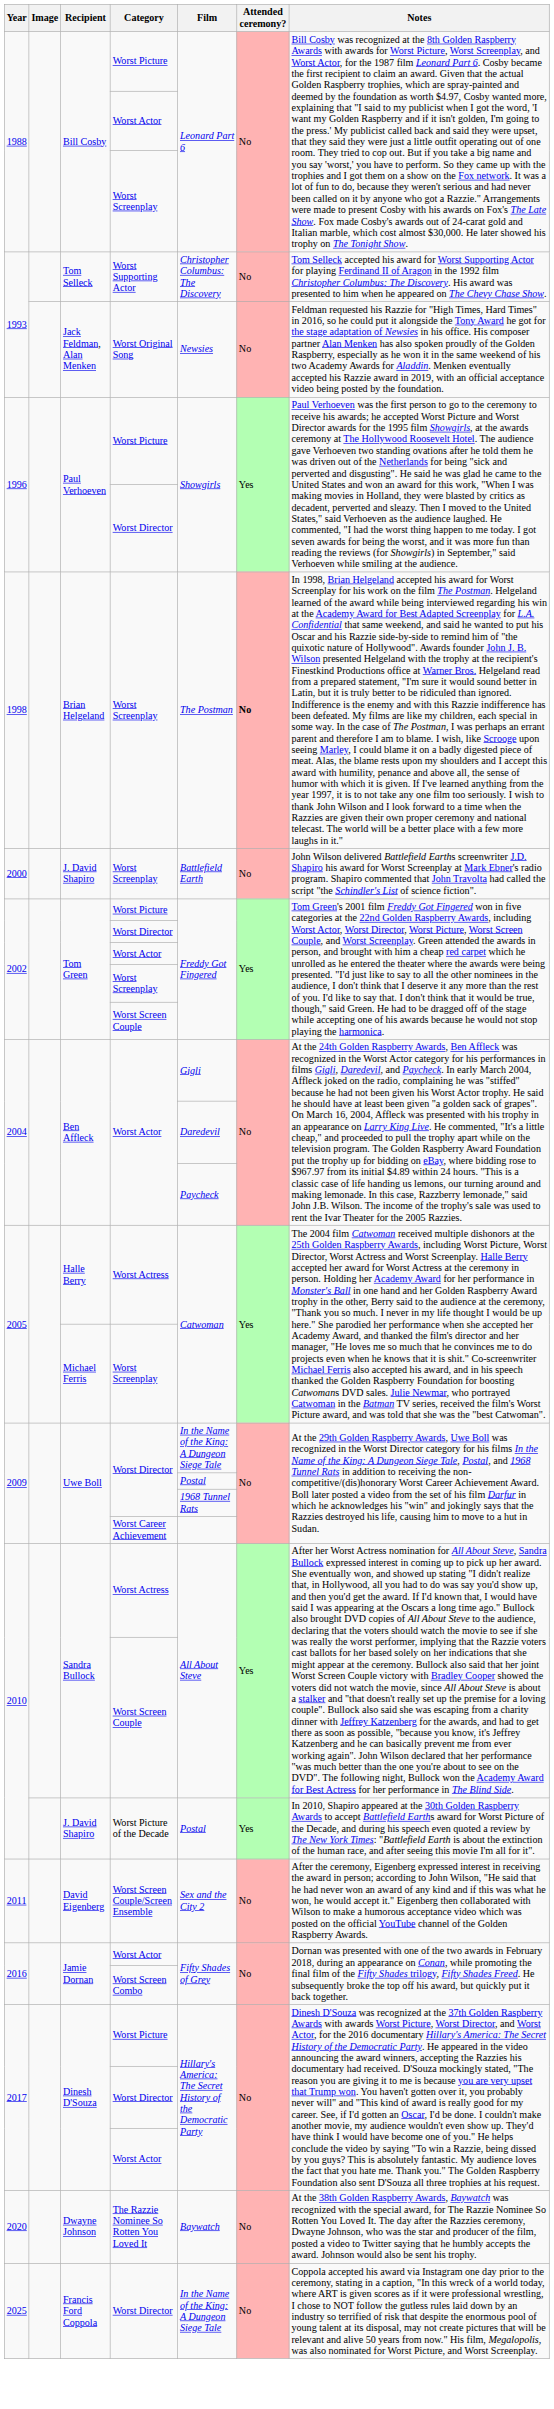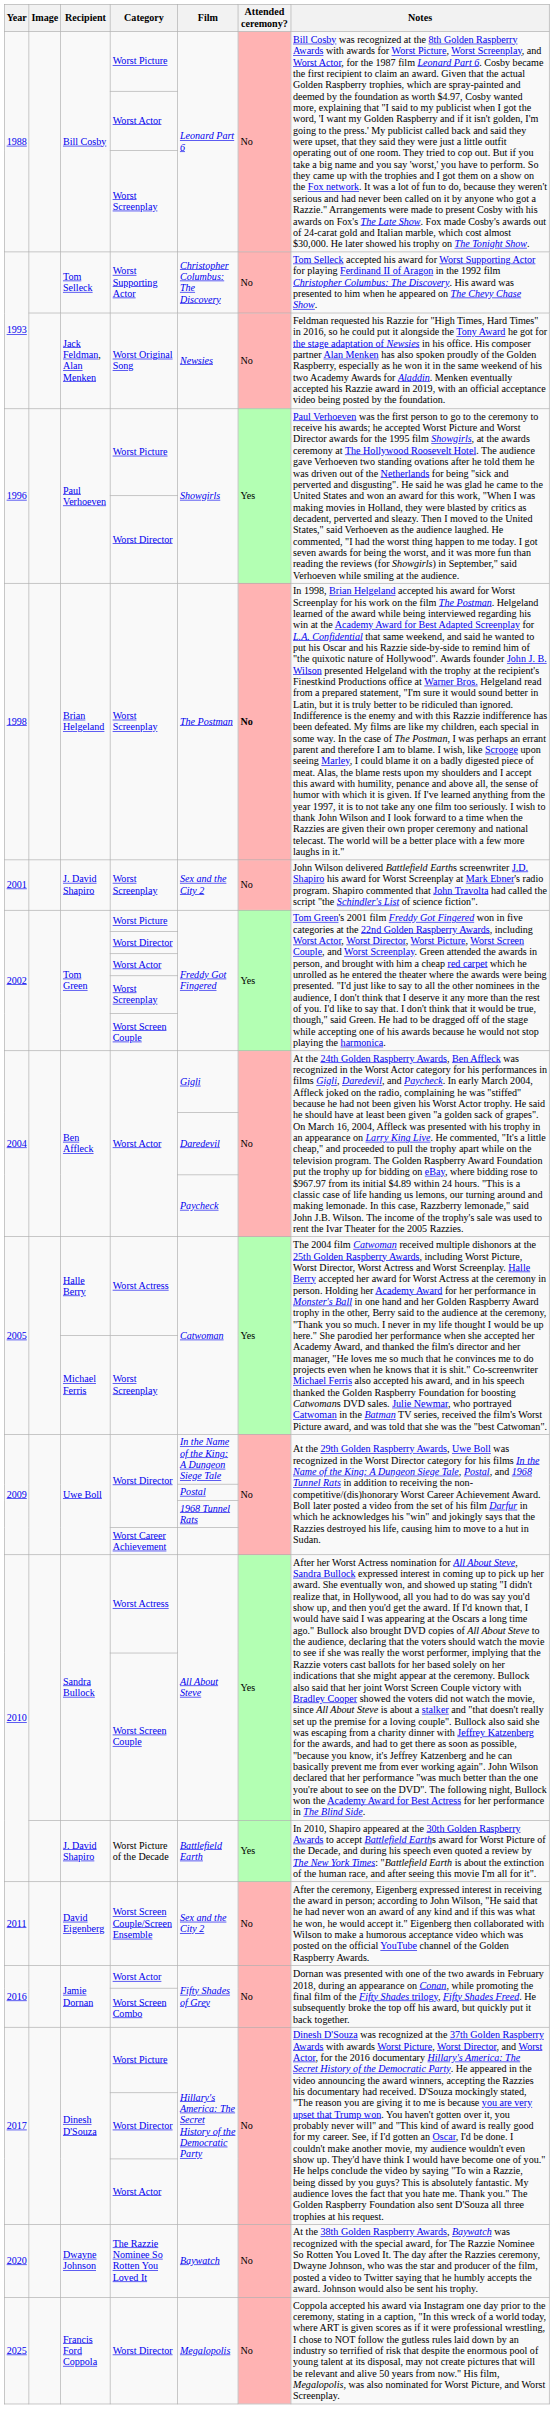 <table class="wikitable" width="98%">
 <tr>
 <th>Year</th>
 <th>Image</th>
 <th>Recipient</th>
 <th>Category</th>
 <th>Film</th>
 <th>Attended ceremony?</th>
 <th>Notes</th>
 </tr>
 <tr>
 <td rowspan=3><a href='#'>1988</a></td>
 <td rowspan=3></td>
 <td rowspan=3><a href='#'>Bill Cosby</a></td>
 <td><a href='#'>Worst Picture</a></td>
 <td rowspan=3><em><a href='#'>Leonard Part 6</a></em></td>
 <td rowspan=3 style="background:#ffb3b3;">No</td>
 <td rowspan=3><a href='#'>Bill Cosby</a> was recognized at the <a href='#'>8th Golden Raspberry Awards</a> with awards for <a href='#'>Worst Picture</a>, <a href='#'>Worst Screenplay</a>, and <a href='#'>Worst Actor</a>, for the 1987 film <em><a href='#'>Leonard Part 6</a></em>. Cosby became the first recipient to claim an award. Given that the actual Golden Raspberry trophies, which are spray-painted and deemed by the foundation as worth  $4.97, Cosby wanted more, explaining that "I said to my publicist when I got the word, 'I want my Golden Raspberry and if it isn't golden, I'm going to the press.' My publicist called back and said they were upset, that they said they were just a little outfit operating out of one room. They tried to cop out. But if you take a big name and you say 'worst,' you have to perform. So they came up with the trophies and I got them on a show on the <a href='#'>Fox network</a>. It was a lot of fun to do, because they weren't serious and had never been called on it by anyone who got a Razzie." Arrangements were made to present Cosby with his awards on Fox's <em><a href='#'>The Late Show</a></em>. Fox made Cosby's awards out of 24-carat gold and Italian marble, which cost almost $30,000. He later showed his trophy on <em><a href='#'>The Tonight Show</a></em>.</td>
 </tr>
 <tr>
 <td><a href='#'>Worst Actor</a></td>
 </tr>
 <tr>
 <td><a href='#'>Worst Screenplay</a></td>
 </tr>
 <tr>
 <td rowspan=2><a href='#'>1993</a></td>
 <td></td>
 <td><a href='#'>Tom Selleck</a></td>
 <td><a href='#'>Worst Supporting Actor</a></td>
 <td><em><a href='#'>Christopher Columbus: The Discovery</a></em></td>
 <td style="background:#ffb3b3;">No</td>
 <td><a href='#'>Tom Selleck</a> accepted his award for <a href='#'>Worst Supporting Actor</a> for playing <a href='#'>Ferdinand II of Aragon</a> in the 1992 film <em><a href='#'>Christopher Columbus: The Discovery</a></em>. His award was presented to him when he appeared on <em><a href='#'>The Chevy Chase Show</a></em>.</td>
 </tr>
 <tr>
 <td></td>
 <td><a href='#'>Jack Feldman</a>, <a href='#'>Alan Menken</a></td>
 <td><a href='#'>Worst Original Song</a></td>
 <td><em><a href='#'>Newsies</a></em></td>
 <td style="background:#ffb3b3;">No</td>
 <td>Feldman requested his Razzie for "High Times, Hard Times" in 2016, so he could put it alongside the <a href='#'>Tony Award</a> he got for <a href='#'>the stage adaptation of <em>Newsies</em></a> in his office. His composer partner <a href='#'>Alan Menken</a> has also spoken proudly of the Golden Raspberry, especially as he won it in the same weekend of his two Academy Awards for <em><a href='#'>Aladdin</a></em>. Menken eventually accepted his Razzie award in 2019, with an official acceptance video being posted by the foundation.</td>
 </tr>
 <tr>
 <td rowspan=2><a href='#'>1996</a></td>
 <td rowspan=2></td>
 <td rowspan=2><a href='#'>Paul Verhoeven</a></td>
 <td><a href='#'>Worst Picture</a></td>
 <td rowspan=2><em><a href='#'>Showgirls</a></em></td>
 <td rowspan=2 style="background:#b3ffb3;">Yes</td>
 <td rowspan=2><a href='#'>Paul Verhoeven</a> was the first person to go to the ceremony to receive his awards; he accepted Worst Picture and Worst Director awards for the 1995 film <em><a href='#'>Showgirls</a></em>, at the awards ceremony at <a href='#'>The Hollywood Roosevelt Hotel</a>. The audience gave Verhoeven two standing ovations after he told them he was driven out of the <a href='#'>Netherlands</a> for being "sick and perverted and disgusting". He said he was glad he came to the United States and won an award for this work, "When I was making movies in Holland, they were blasted by critics as decadent, perverted and sleazy. Then I moved to the United States," said Verhoeven as the audience laughed. He commented, "I had the worst thing happen to me today. I got seven awards for being the worst, and it was more fun than reading the reviews (for <em>Showgirls</em>) in September," said Verhoeven while smiling at the audience.</td>
 </tr>
 <tr>
 <td><a href='#'>Worst Director</a></td>
 </tr>
 <tr>
 <td><a href='#'>1998</a></td>
 <td></td>
 <td><a href='#'>Brian Helgeland</a></td>
 <td><a href='#'>Worst Screenplay</a></td>
 <td><em><a href='#'>The Postman</a></em></td>
 <td style="background:#ffb3b3;"><strong>No</strong></td>
 <td>In 1998, <a href='#'>Brian Helgeland</a> accepted his award for Worst Screenplay for his work on the film <em><a href='#'>The Postman</a></em>. Helgeland learned of the award while being interviewed regarding his win at the <a href='#'>Academy Award for Best Adapted Screenplay</a> for <em><a href='#'>L.A. Confidential</a></em> that same weekend, and said he wanted to put his Oscar and his Razzie side-by-side to remind him of "the quixotic nature of Hollywood". Awards founder <a href='#'>John J. B. Wilson</a> presented Helgeland with the trophy at the recipient's Finestkind Productions office at <a href='#'>Warner Bros.</a> Helgeland read from a prepared statement, "I'm sure it would sound better in Latin, but it is truly better to be ridiculed than ignored. Indifference is the enemy and with this Razzie indifference has been defeated. My films are like my children, each special in some way. In the case of <em>The Postman</em>, I was perhaps an errant parent and therefore I am to blame. I wish, like <a href='#'>Scrooge</a> upon seeing <a href='#'>Marley</a>, I could blame it on a badly digested piece of meat. Alas, the blame rests upon my shoulders and I accept this award with humility, penance and above all, the sense of humor with which it is given. If I've learned anything from the year 1997, it is to not take any one film too seriously. I wish to thank John Wilson and I look forward to a time when the Razzies are given their own proper ceremony and national telecast. The world will be a better place with a few more laughs in it."</td>
 </tr>
 <tr>
-<td><a href='#'>2000</a></td>
+<td><a href='#'>2001</a></td>
 <td></td>
 <td><a href='#'>J. David Shapiro</a></td>
 <td><a href='#'>Worst Screenplay</a></td>
-<td><em><a href='#'>Battlefield Earth</a></em></td>
+<td rowspan=1><em><a href='#'>Sex and the City 2</a></em></td>
 <td style="background:#ffb3b3;">No</td>
 <td>John Wilson delivered <em>Battlefield Earth</em>s screenwriter <a href='#'>J.D. Shapiro</a> his award for Worst Screenplay at <a href='#'>Mark Ebner</a>'s radio program. Shapiro commented that <a href='#'>John Travolta</a> had called the script "the <em><a href='#'>Schindler's List</a></em> of science fiction".</td>
 </tr>
 <tr>
 <td rowspan=5><a href='#'>2002</a></td>
 <td rowspan=5></td>
 <td rowspan=5><a href='#'>Tom Green</a></td>
 <td><a href='#'>Worst Picture</a></td>
 <td rowspan=5><em><a href='#'>Freddy Got Fingered</a></em></td>
 <td rowspan=5 style="background:#b3ffb3;">Yes</td>
 <td rowspan=5><a href='#'>Tom Green</a>'s 2001 film <em><a href='#'>Freddy Got Fingered</a></em> won in five categories at the <a href='#'>22nd Golden Raspberry Awards</a>, including <a href='#'>Worst Actor</a>, <a href='#'>Worst Director</a>, <a href='#'>Worst Picture</a>, <a href='#'>Worst Screen Couple</a>, and <a href='#'>Worst Screenplay</a>. Green attended the awards in person, and brought with him a cheap <a href='#'>red carpet</a> which he unrolled as he entered the theater where the awards were being presented. "I'd just like to say to all the other nominees in the audience, I don't think that I deserve it any more than the rest of you. I'd like to say that. I don't think that it would be true, though," said Green. He had to be dragged off of the stage while accepting one of his awards because he would not stop playing the <a href='#'>harmonica</a>.</td>
 </tr>
 <tr>
 <td><a href='#'>Worst Director</a></td>
 </tr>
 <tr>
 <td><a href='#'>Worst Actor</a></td>
 </tr>
 <tr>
 <td><a href='#'>Worst Screenplay</a></td>
 </tr>
 <tr>
 <td><a href='#'>Worst Screen Couple</a></td>
 </tr>
 <tr>
 <td rowspan=3><a href='#'>2004</a></td>
 <td rowspan=3></td>
 <td rowspan=3><a href='#'>Ben Affleck</a></td>
 <td rowspan=3><a href='#'>Worst Actor</a></td>
 <td><em><a href='#'>Gigli</a></em></td>
 <td rowspan=3 style="background:#ffb3b3;">No</td>
 <td rowspan=3>At the <a href='#'>24th Golden Raspberry Awards</a>, <a href='#'>Ben Affleck</a> was recognized in the Worst Actor category for his performances in films <em><a href='#'>Gigli</a></em>, <em><a href='#'>Daredevil</a></em>, and <em><a href='#'>Paycheck</a></em>. In early March 2004, Affleck joked on the radio, complaining he was "stiffed" because he had not been given his Worst Actor trophy. He said he should have at least been given "a golden sack of grapes". On March 16, 2004, Affleck was presented with his trophy in an appearance on <em><a href='#'>Larry King Live</a></em>. He commented, "It's a little cheap," and proceeded to pull the trophy apart while on the television program. The Golden Raspberry Award Foundation put the trophy up for bidding on <a href='#'>eBay</a>, where bidding rose to $967.97 from its initial $4.89 within 24 hours. "This is a classic case of life handing us lemons, our turning around and making lemonade. In this case, Razzberry lemonade," said John J.B. Wilson. The income of the trophy's sale was used to rent the Ivar Theater for the 2005 Razzies.</td>
 </tr>
 <tr>
 <td><em><a href='#'>Daredevil</a></em></td>
 </tr>
 <tr>
 <td><em><a href='#'>Paycheck</a></em></td>
 </tr>
 <tr>
 <td rowspan=2><a href='#'>2005</a></td>
 <td rowspan="2"></td>
 <td><a href='#'>Halle Berry</a></td>
 <td><a href='#'>Worst Actress</a></td>
 <td rowspan=2><em><a href='#'>Catwoman</a></em></td>
 <td rowspan=2 style="background:#b3ffb3;">Yes</td>
 <td rowspan=2>The 2004 film <em><a href='#'>Catwoman</a></em> received multiple dishonors at the <a href='#'>25th Golden Raspberry Awards</a>, including Worst Picture, Worst Director, Worst Actress and Worst Screenplay. <a href='#'>Halle Berry</a> accepted her award for Worst Actress at the ceremony in person. Holding her <a href='#'>Academy Award</a> for her performance in <em><a href='#'>Monster's Ball</a></em> in one hand and her Golden Raspberry Award trophy in the other, Berry said to the audience at the ceremony, "Thank you so much. I never in my life thought I would be up here." She parodied her performance when she accepted her Academy Award, and thanked the film's director and her manager, "He loves me so much that he convinces me to do projects even when he knows that it is shit." Co-screenwriter <a href='#'>Michael Ferris</a> also accepted his award, and in his speech thanked the Golden Raspberry Foundation for boosting <em>Catwoman</em>s DVD sales. <a href='#'>Julie Newmar</a>, who portrayed <a href='#'>Catwoman</a> in the <em><a href='#'>Batman</a></em> TV series, received the film's Worst Picture award, and was told that she was the "best Catwoman".</td>
 </tr>
 <tr>
 <td><a href='#'>Michael Ferris</a></td>
 <td><a href='#'>Worst Screenplay</a></td>
 </tr>
 <tr>
 <td rowspan=4><a href='#'>2009</a></td>
 <td rowspan=4></td>
 <td rowspan=4><a href='#'>Uwe Boll</a></td>
 <td rowspan=3><a href='#'>Worst Director</a></td>
 <td><em><a href='#'>In the Name of the King: A Dungeon Siege Tale</a></em></td>
 <td rowspan=4 style="background:#ffb3b3;">No</td>
 <td rowspan=4>At the <a href='#'>29th Golden Raspberry Awards</a>, <a href='#'>Uwe Boll</a> was recognized in the Worst Director category for his films <em><a href='#'>In the Name of the King: A Dungeon Siege Tale</a></em>, <em><a href='#'>Postal</a></em>, and <em><a href='#'>1968 Tunnel Rats</a></em> in addition to receiving the non-competitive/(dis)honorary Worst Career Achievement Award.  Boll later posted a video from the set of his film <em><a href='#'>Darfur</a></em> in which he acknowledges his "win" and jokingly says that the Razzies destroyed his life, causing him to move to a hut in Sudan.</td>
 </tr>
 <tr>
 <td><em><a href='#'>Postal</a></em></td>
 </tr>
 <tr>
 <td><em><a href='#'>1968 Tunnel Rats</a></em></td>
 </tr>
 <tr>
 <td><a href='#'>Worst Career Achievement</a></td>
 <td></td>
 </tr>
 <tr>
 <td rowspan=3><a href='#'>2010</a></td>
 <td rowspan=2></td>
 <td rowspan=2><a href='#'>Sandra Bullock</a></td>
 <td rowspan=1><a href='#'>Worst Actress</a></td>
 <td rowspan=2><em><a href='#'>All About Steve</a></em></td>
 <td rowspan=2 style="background:#b3ffb3;">Yes</td>
 <td rowspan=2>After her Worst Actress nomination for <em><a href='#'>All About Steve</a></em>, <a href='#'>Sandra Bullock</a> expressed interest in coming up to pick up her award. She eventually won, and showed up stating "I didn't realize that, in Hollywood, all you had to do was say you'd show up, and then you'd get the award. If I'd known that, I would have said I was appearing at the Oscars a long time ago." Bullock also brought DVD copies of <em>All About Steve</em> to the audience, declaring that the voters should watch the movie to see if she was really the worst performer, implying that the Razzie voters cast ballots for her based solely on her indications that she might appear at the ceremony. Bullock also said that her joint Worst Screen Couple victory with <a href='#'>Bradley Cooper</a> showed the voters did not watch the movie, since <em>All About Steve</em> is about a <a href='#'>stalker</a> and "that doesn't really set up the premise for a loving couple". Bullock also said she was escaping from a charity dinner with <a href='#'>Jeffrey Katzenberg</a> for the awards, and had to get there as soon as possible, "because you know, it's Jeffrey Katzenberg and he can basically prevent me from ever working again". John Wilson declared that her performance "was much better than the one you're about to see on the DVD". The following night, Bullock won the <a href='#'>Academy Award for Best Actress</a> for her performance in <em><a href='#'>The Blind Side</a></em>.</td>
 </tr>
 <tr>
 <td rowspan=1><a href='#'>Worst Screen Couple</a></td>
 </tr>
 <tr>
 <td></td>
 <td><a href='#'>J. David Shapiro</a></td>
 <td>Worst Picture of the Decade</td>
-<td><em><a href='#'>Postal</a></em></td>
+<td><em><a href='#'>Battlefield Earth</a></em></td>
 <td style="background:#b3ffb3;">Yes</td>
 <td>In 2010, Shapiro appeared at the <a href='#'>30th Golden Raspberry Awards</a> to accept <em><a href='#'>Battlefield Earth</a></em>s award for Worst Picture of the Decade, and during his speech even quoted a review by <em><a href='#'>The New York Times</a></em>: "<em>Battlefield Earth</em> is about the extinction of the human race, and after seeing this movie I'm all for it".</td>
 </tr>
 <tr>
 <td rowspan=1><a href='#'>2011</a></td>
 <td rowspan=1></td>
 <td rowspan=1><a href='#'>David Eigenberg</a></td>
 <td rowspan=1><a href='#'>Worst Screen Couple/Screen Ensemble</a></td>
 <td rowspan=1><em><a href='#'>Sex and the City 2</a></em></td>
 <td style="background:#ffb3b3;">No</td>
 <td rowspan=1>After the ceremony, Eigenberg expressed interest in receiving the award in person; according to John Wilson, "He said that he had never won an award of any kind and if this was what he won, he would accept it." Eigenberg then collaborated with Wilson to make a humorous acceptance video which was posted on the official <a href='#'>YouTube</a> channel of the Golden Raspberry Awards.</td>
 </tr>
 <tr>
 <td rowspan=2><a href='#'>2016</a></td>
 <td rowspan=2></td>
 <td rowspan=2><a href='#'>Jamie Dornan</a></td>
 <td><a href='#'>Worst Actor</a></td>
 <td rowspan=2><em><a href='#'>Fifty Shades of Grey</a></em></td>
 <td rowspan=2 style="background:#ffb3b3;">No</td>
 <td rowspan=2>Dornan was presented with one of the two awards in February 2018, during an appearance on <em><a href='#'>Conan</a></em>, while promoting the final film of the <a href='#'><em>Fifty Shades</em> trilogy</a>, <em><a href='#'>Fifty Shades Freed</a></em>. He subsequently broke the top off his award, but quickly put it back together.</td>
 </tr>
 <tr>
 <td><a href='#'>Worst Screen Combo</a></td>
 </tr>
 <tr>
 <td rowspan=3><a href='#'>2017</a></td>
 <td rowspan=3></td>
 <td rowspan=3><a href='#'>Dinesh D'Souza</a></td>
 <td><a href='#'>Worst Picture</a></td>
 <td rowspan=3><em><a href='#'>Hillary's America: The Secret History of the Democratic Party</a></em></td>
 <td rowspan=3 style="background:#ffb3b3;">No</td>
 <td rowspan=3><a href='#'>Dinesh D'Souza</a> was recognized at the <a href='#'>37th Golden Raspberry Awards</a> with awards <a href='#'>Worst Picture</a>, <a href='#'>Worst Director</a>, and <a href='#'>Worst Actor</a>, for the 2016 documentary <em><a href='#'>Hillary's America: The Secret History of the Democratic Party</a></em>. He appeared in the video announcing the award winners, accepting the Razzies his documentary had received. D'Souza mockingly stated, "The reason you are giving it to me is because <a href='#'>you are very upset that Trump won</a>. You haven't gotten over it, you probably never will" and "This kind of award is really good for my career. See, if I'd gotten an <a href='#'>Oscar</a>, I'd be done. I couldn't make another movie, my audience wouldn't even show up. They'd have think I would have become one of you." He helps conclude the video by saying "To win a Razzie, being dissed by you guys? This is absolutely fantastic. My audience loves the fact that you hate me. Thank you." The Golden Raspberry Foundation also sent D'Souza all three trophies at his request.</td>
 </tr>
 <tr>
 <td><a href='#'>Worst Director</a></td>
 </tr>
 <tr>
 <td><a href='#'>Worst Actor</a></td>
 </tr>
 <tr>
 <td rowspan=1><a href='#'>2020</a></td>
 <td rowspan=1></td>
 <td rowspan=1><a href='#'>Dwayne Johnson</a></td>
 <td rowspan=1><a href='#'>The Razzie Nominee So Rotten You Loved It</a></td>
 <td rowspan=1><em><a href='#'>Baywatch</a></em></td>
 <td style="background:#ffb3b3;">No</td>
 <td rowspan=1>At the <a href='#'>38th Golden Raspberry Awards</a>, <em><a href='#'>Baywatch</a></em> was recognized with the special award, for The Razzie Nominee So Rotten You Loved It.  The day after the Razzies ceremony, Dwayne Johnson, who was the star and producer of the film, posted a video to Twitter saying that he humbly accepts the award. Johnson would also be sent his trophy.</td>
 </tr>
 <tr>
 <td><a href='#'>2025</a></td>
 <td></td>
 <td><a href='#'>Francis Ford Coppola</a></td>
 <td><a href='#'>Worst Director</a></td>
-<td><em><a href='#'>In the Name of the King: A Dungeon Siege Tale</a></em></td>
+<td><em><a href='#'>Megalopolis</a></em></td>
 <td style="background:#ffb3b3;">No</td>
 <td>Coppola accepted his award via Instagram one day prior to the ceremony, stating in a caption, "In this wreck of a world today, where ART is given scores as if it were professional wrestling, I chose to NOT follow the gutless rules laid down by an industry so terrified of risk that despite the enormous pool of young talent at its disposal, may not create pictures that will be relevant and alive 50 years from now." His film, <em>Megalopolis</em>, was also nominated for Worst Picture, and Worst Screenplay.</td>
 </tr>
 </table>
